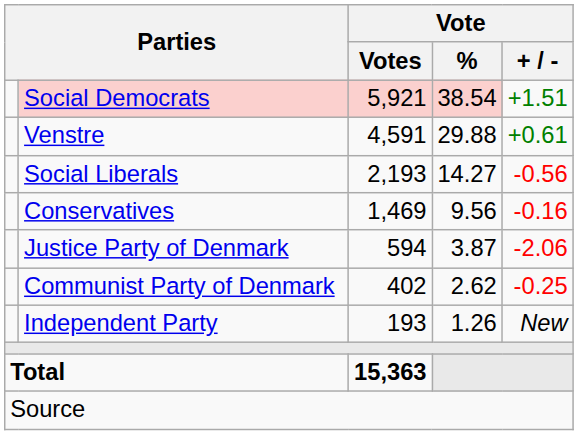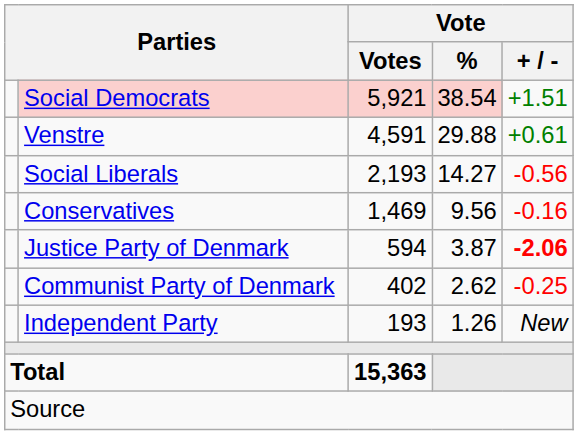 <table class="wikitable" style="text-align:right;">
 <tr>
 <th style="text-align:centre;" rowspan="2" colspan="2" width="225">Parties</th>
 <th colspan="3">Vote</th>
 </tr>
 <tr>
 <th width="15">Votes</th>
 <th width="15">%</th>
 <th width="15">+ / -</th>
 </tr>
 <tr>
 <td width="2" style="color:inherit;background:"></td>
 <td bgcolor=#fbd0ce  align="left"><a href='#'>Social Democrats</a></td>
 <td bgcolor=#fbd0ce>5,921</td>
 <td bgcolor=#fbd0ce>38.54</td>
 <td style=color:green;>+1.51</td>
 </tr>
 <tr>
 <td width="2" style="color:inherit;background:"></td>
 <td align="left"><a href='#'>Venstre</a></td>
 <td>4,591</td>
 <td>29.88</td>
 <td style=color:green;>+0.61</td>
 </tr>
 <tr>
 <td width="2" style="color:inherit;background:"></td>
 <td align="left"><a href='#'>Social Liberals</a></td>
 <td>2,193</td>
 <td>14.27</td>
 <td style=color:red;>-0.56</td>
 </tr>
 <tr>
 <td width="2" style="color:inherit;background:"></td>
 <td align="left"><a href='#'>Conservatives</a></td>
 <td>1,469</td>
 <td>9.56</td>
 <td style=color:red;>-0.16</td>
 </tr>
 <tr>
 <td width="2" style="color:inherit;background:"></td>
 <td align="left"><a href='#'>Justice Party of Denmark</a></td>
 <td>594</td>
 <td>3.87</td>
-<td style=color:red;>-2.06</td>
+<td style=color:red;><strong>-2.06</strong></td>
 </tr>
 <tr>
 <td width="2" style="color:inherit;background:"></td>
 <td align="left"><a href='#'>Communist Party of Denmark</a></td>
 <td>402</td>
 <td>2.62</td>
 <td style=color:red;>-0.25</td>
 </tr>
 <tr>
 <td width="2" style="color:inherit;background:"></td>
 <td align="left"><a href='#'>Independent Party</a></td>
 <td>193</td>
 <td>1.26</td>
 <td><em>New</em></td>
 </tr>
 <tr>
 <td colspan="7" bgcolor="#E9E9E9"></td>
 </tr>
 <tr>
 <td align="left" colspan="2"><strong>Total</strong></td>
 <td><strong>15,363</strong></td>
 <td bgcolor="#E9E9E9" colspan="2"></td>
 </tr>
 <tr>
 <td align="left" colspan="6">Source</td>
 </tr>
 </table>
